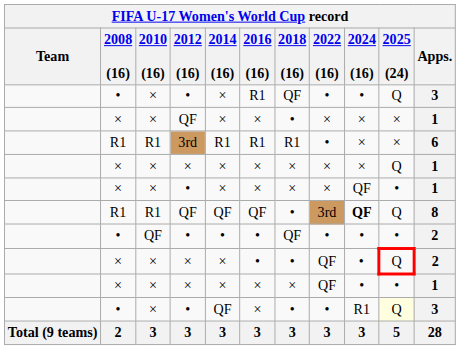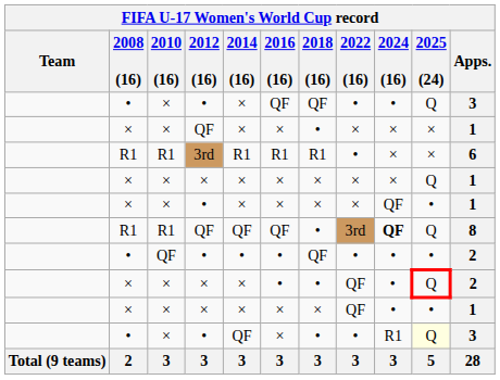 <table class="wikitable" style="text-align:center; font-size:90%">
 <tr style="background:#cccccc;" align=center>
 <th colspan=11><a href='#'>FIFA U-17 Women's World Cup</a> record</th>
 </tr>
 <tr>
 <th>Team</th>
 <th><a href='#'>2008</a><br><br>(16)</th>
 <th><a href='#'>2010</a><br><br>(16)</th>
 <th><a href='#'>2012</a><br><br>(16)</th>
 <th><a href='#'>2014</a><br><br>(16)</th>
 <th><a href='#'>2016</a><br><br>(16)</th>
 <th><a href='#'>2018</a><br><br>(16)</th>
 <th><a href='#'>2022</a><br><br>(16)</th>
 <th><a href='#'>2024</a><br><br>(16)</th>
 <th><a href='#'>2025</a><br><br>(24)</th>
 <th>Apps.</th>
 </tr>
 <tr align=center>
 <td align=left></td>
 <td>•</td>
 <td>×</td>
 <td>•</td>
 <td>×</td>
-<td>R1</td>
+<td>QF</td>
 <td>QF</td>
 <td>•</td>
 <td>•</td>
 <td>Q</td>
 <th>3</th>
 </tr>
 <tr align=center>
 <td align=left></td>
 <td>×</td>
 <td>×</td>
 <td>QF</td>
 <td>×</td>
 <td>×</td>
 <td>•</td>
 <td>×</td>
 <td>×</td>
 <td>×</td>
 <th>1</th>
 </tr>
 <tr align=center>
 <td align=left></td>
 <td>R1</td>
 <td>R1</td>
 <td bgcolor=#cc′9966>3rd</td>
 <td>R1</td>
 <td>R1</td>
 <td>R1</td>
 <td>•</td>
 <td>×</td>
 <td>×</td>
 <th>6</th>
 </tr>
 <tr align=center>
 <td align=left></td>
 <td>×</td>
 <td>×</td>
 <td>×</td>
 <td>×</td>
 <td>×</td>
 <td>×</td>
 <td>×</td>
 <td>×</td>
 <td>Q</td>
 <th>1</th>
 </tr>
 <tr align=center>
 <td align=left></td>
 <td>×</td>
 <td>×</td>
 <td>•</td>
 <td>×</td>
 <td>×</td>
 <td>×</td>
 <td>×</td>
 <td>QF</td>
 <td>•</td>
 <th>1</th>
 </tr>
 <tr align=center>
 <td align=left></td>
 <td>R1</td>
 <td>R1</td>
 <td>QF</td>
 <td>QF</td>
 <td>QF</td>
 <td>•</td>
 <td bgcolor=#cc′9966>3rd</td>
 <td><strong>QF</strong></td>
 <td>Q</td>
 <th>8</th>
 </tr>
 <tr align=center>
 <td align=left></td>
 <td>•</td>
 <td>QF</td>
 <td>•</td>
 <td>•</td>
 <td>•</td>
 <td>QF</td>
 <td>•</td>
 <td>•</td>
 <td>•</td>
 <th>2</th>
 </tr>
 <tr align=center>
 <td align=left></td>
 <td>×</td>
 <td>×</td>
 <td>×</td>
 <td>×</td>
 <td>•</td>
 <td>•</td>
 <td>QF</td>
 <td>•</td>
 <td style="border: 3px solid red">Q</td>
 <th>2</th>
 </tr>
 <tr align=center>
 <td align=left></td>
 <td>×</td>
 <td>×</td>
 <td>×</td>
 <td>×</td>
 <td>×</td>
 <td>×</td>
 <td>QF</td>
 <td>•</td>
 <td>•</td>
 <th>1</th>
 </tr>
 <tr align=center>
 <td align=left></td>
 <td>•</td>
 <td>×</td>
 <td>•</td>
 <td>QF</td>
 <td>×</td>
 <td>•</td>
 <td>•</td>
 <td>R1</td>
 <td style="background: lightyellow;">Q</td>
 <th>3</th>
 </tr>
 <tr align=center>
 <th align=left>Total (9 teams)</th>
 <th>2</th>
 <th>3</th>
 <th>3</th>
 <th>3</th>
 <th>3</th>
 <th>3</th>
 <th>3</th>
 <th>3</th>
 <th>5</th>
 <th>28</th>
 </tr>
 </table>
